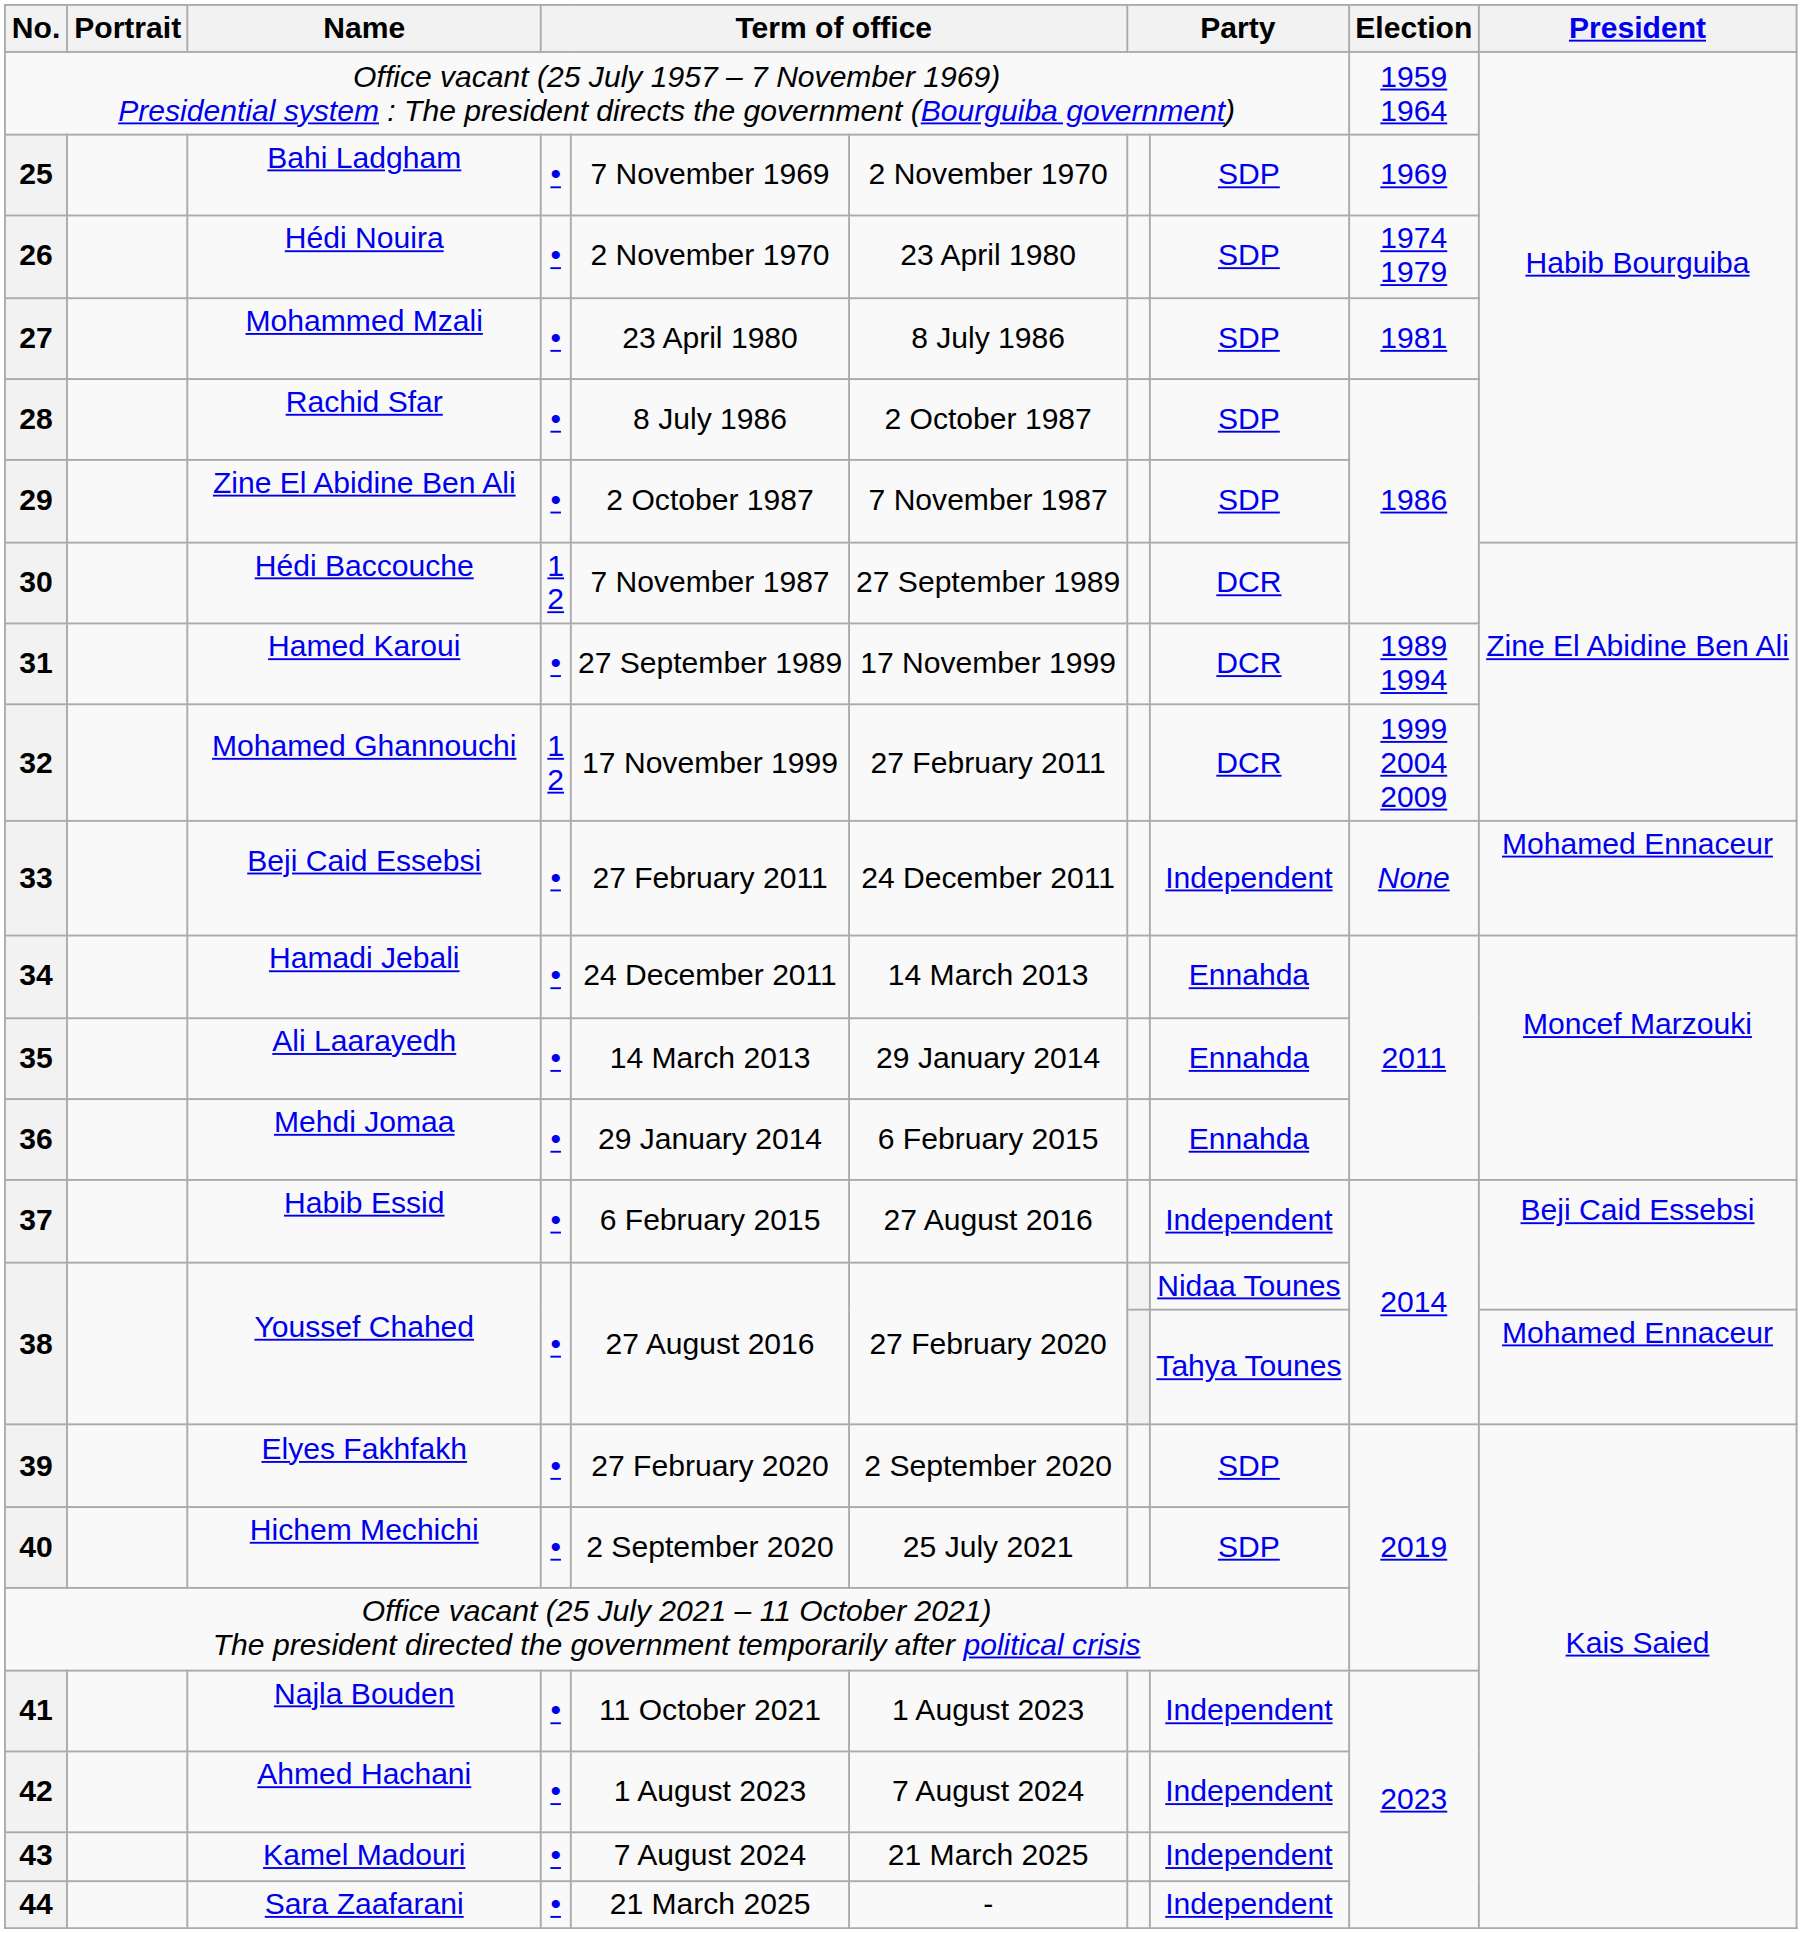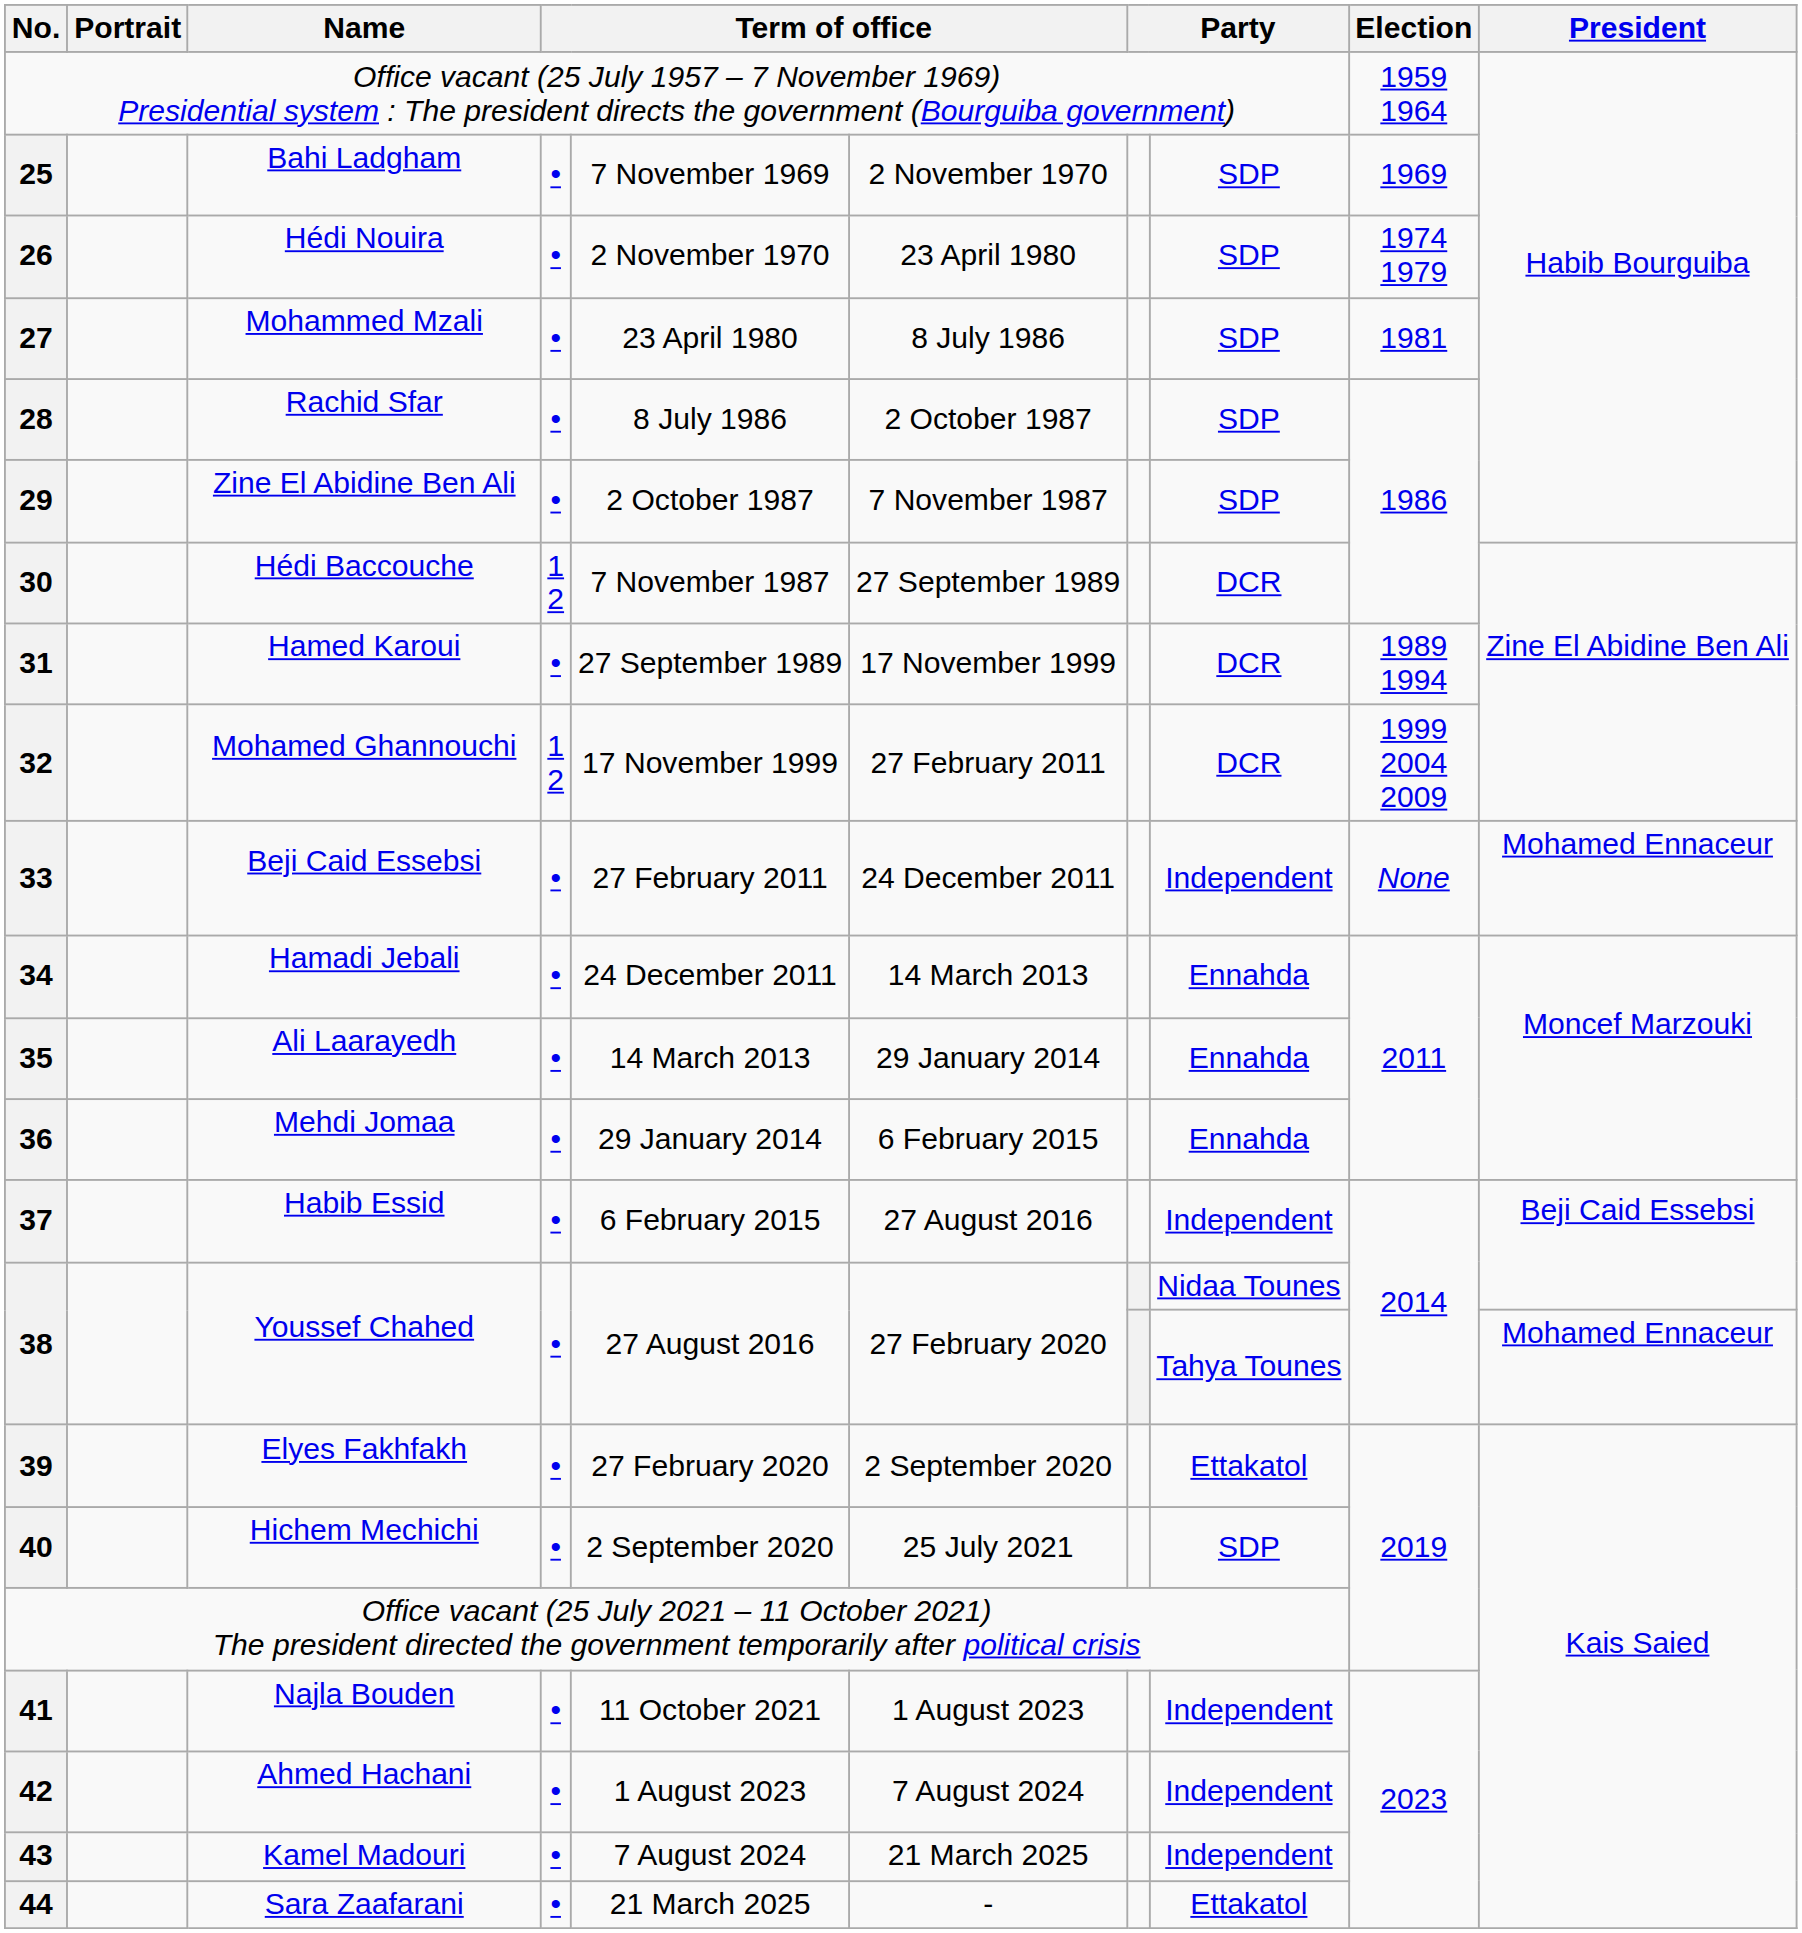 <table class="wikitable" style="text-align:center">
 <tr>
 <th>No.</th>
 <th>Portrait</th>
 <th width=180>Name<br></th>
 <th colspan=3>Term of office</th>
 <th colspan=2>Party</th>
 <th>Election</th>
 <th><a href='#'>President</a></th>
 </tr>
 <tr>
 <td colspan="8"><em>Office vacant (25 July 1957 – 7 November 1969)</em><br><em><a href='#'>Presidential system</a> : The president directs the government (<a href='#'>Bourguiba government</a>)</em></td>
 <td><a href='#'>1959</a> <br> <a href='#'>1964</a></td>
 <td rowspan="6"><a href='#'>Habib Bourguiba</a><br><br><br></td>
 </tr>
 <tr>
 <th>25</th>
 <td></td>
 <td><a href='#'>Bahi Ladgham</a><br><br></td>
 <td><a href='#'>•</a></td>
 <td>7 November 1969</td>
 <td>2 November 1970</td>
 <td style="background:"> </td>
 <td><a href='#'>SDP</a></td>
 <td><a href='#'>1969</a></td>
 </tr>
 <tr>
 <th>26</th>
 <td></td>
 <td><a href='#'>Hédi Nouira</a><br><br></td>
 <td><a href='#'>•</a></td>
 <td>2 November 1970</td>
 <td>23 April 1980</td>
 <td style="background:"> </td>
 <td><a href='#'>SDP</a></td>
 <td><a href='#'>1974</a> <br> <a href='#'>1979</a></td>
 </tr>
 <tr>
 <th>27</th>
 <td></td>
 <td><a href='#'>Mohammed Mzali</a><br><br></td>
 <td><a href='#'>•</a></td>
 <td>23 April 1980</td>
 <td>8 July 1986</td>
 <td style="background:"> </td>
 <td><a href='#'>SDP</a></td>
 <td><a href='#'>1981</a></td>
 </tr>
 <tr>
 <th>28</th>
 <td></td>
 <td><a href='#'>Rachid Sfar</a><br><br></td>
 <td><a href='#'>•</a></td>
 <td>8 July 1986</td>
 <td>2 October 1987</td>
 <td style="background:"> </td>
 <td><a href='#'>SDP</a></td>
 <td rowspan="3"><a href='#'>1986</a></td>
 </tr>
 <tr>
 <th>29</th>
 <td></td>
 <td><a href='#'>Zine El Abidine Ben Ali</a><br><br></td>
 <td><a href='#'>•</a></td>
 <td>2 October 1987</td>
 <td>7 November 1987</td>
 <td style="background:"> </td>
 <td><a href='#'>SDP</a></td>
 </tr>
 <tr>
 <th>30</th>
 <td></td>
 <td><a href='#'>Hédi Baccouche</a><br><br></td>
 <td><a href='#'>1</a> <br> <a href='#'>2</a></td>
 <td>7 November 1987</td>
 <td>27 September 1989</td>
 <td style="background:"> </td>
 <td><a href='#'>DCR</a></td>
 <td rowspan="3"><a href='#'>Zine El Abidine Ben Ali</a><br><br><br></td>
 </tr>
 <tr>
 <th>31</th>
 <td></td>
 <td><a href='#'>Hamed Karoui</a><br><br></td>
 <td><a href='#'>•</a></td>
 <td>27 September 1989</td>
 <td>17 November 1999</td>
 <td style="background:"> </td>
 <td><a href='#'>DCR</a></td>
 <td><a href='#'>1989</a> <br> <a href='#'>1994</a></td>
 </tr>
 <tr>
 <th>32</th>
 <td></td>
 <td><a href='#'>Mohamed Ghannouchi</a><br><br></td>
 <td><a href='#'>1</a> <br> <a href='#'>2</a></td>
 <td>17 November 1999</td>
 <td>27 February 2011</td>
 <td style="background:"> </td>
 <td><a href='#'>DCR</a></td>
 <td><a href='#'>1999</a> <br> <a href='#'>2004</a> <br> <a href='#'>2009</a></td>
 </tr>
 <tr>
 <th>33</th>
 <td></td>
 <td><a href='#'>Beji Caid Essebsi</a><br><br></td>
 <td><a href='#'>•</a></td>
 <td>27 February 2011</td>
 <td>24 December 2011</td>
 <td style="background:"> </td>
 <td><a href='#'>Independent</a></td>
 <td><em><a href='#'>None</a></em></td>
 <td><a href='#'>Mohamed Ennaceur</a><br><br><br></td>
 </tr>
 <tr>
 <th>34</th>
 <td></td>
 <td><a href='#'>Hamadi Jebali</a><br><br></td>
 <td><a href='#'>•</a></td>
 <td>24 December 2011</td>
 <td>14 March 2013</td>
 <td style="background:"> </td>
 <td><a href='#'>Ennahda</a></td>
 <td rowspan="3"><a href='#'>2011</a></td>
 <td rowspan="3"><a href='#'>Moncef Marzouki</a><br><br><br></td>
 </tr>
 <tr>
 <th>35</th>
 <td></td>
 <td><a href='#'>Ali Laarayedh</a><br><br></td>
 <td><a href='#'>•</a></td>
 <td>14 March 2013</td>
 <td>29 January 2014</td>
 <td style="background:"> </td>
 <td><a href='#'>Ennahda</a></td>
 </tr>
 <tr>
 <th>36</th>
 <td></td>
 <td><a href='#'>Mehdi Jomaa</a><br><br></td>
 <td><a href='#'>•</a></td>
 <td>29 January 2014</td>
 <td>6 February 2015</td>
 <td style="background:"> </td>
 <td><a href='#'>Ennahda</a></td>
 </tr>
 <tr>
 <th>37</th>
 <td></td>
 <td><a href='#'>Habib Essid</a><br><br></td>
 <td><a href='#'>•</a></td>
 <td>6 February 2015</td>
 <td>27 August 2016</td>
 <td style="background:"> </td>
 <td><a href='#'>Independent</a></td>
 <td rowspan="3"><a href='#'>2014</a></td>
 <td rowspan="2"><a href='#'>Beji Caid Essebsi</a><br><br><br></td>
 </tr>
 <tr>
 <th rowspan=2>38</th>
 <td rowspan=2></td>
 <td rowspan=2><a href='#'>Youssef Chahed</a><br><br></td>
 <td rowspan=2><a href='#'>•</a></td>
 <td rowspan=2>27 August 2016</td>
 <td rowspan=2>27 February 2020</td>
 <th style="background:"> </th>
 <td><a href='#'>Nidaa Tounes</a></td>
 </tr>
 <tr>
 <th style="background:"> </th>
 <td><a href='#'>Tahya Tounes</a></td>
 <td><a href='#'>Mohamed Ennaceur</a><br><br><br></td>
 </tr>
 <tr>
 <th>39</th>
 <td></td>
 <td><a href='#'>Elyes Fakhfakh</a><br><br></td>
 <td><a href='#'>•</a></td>
 <td>27 February 2020</td>
 <td>2 September 2020</td>
 <td style="background:"> </td>
-<td><a href='#'>SDP</a></td>
+<td><a href='#'>Ettakatol</a></td>
 <td rowspan="3"><a href='#'>2019</a></td>
 <td rowspan="7"><a href='#'>Kais Saied</a><br><br><br></td>
 </tr>
 <tr>
 <th>40</th>
 <td></td>
 <td><a href='#'>Hichem Mechichi</a><br><br></td>
 <td><a href='#'>•</a></td>
 <td>2 September 2020</td>
 <td>25 July 2021</td>
 <td style="background:"> </td>
 <td><a href='#'>SDP</a></td>
 </tr>
 <tr>
 <td colspan="8"><em>Office vacant (25 July 2021 – 11 October 2021)</em><br><em>The president directed the government temporarily after <a href='#'>political crisis</a></em></td>
 </tr>
 <tr>
 <th>41</th>
 <td></td>
 <td><a href='#'>Najla Bouden</a><br><br></td>
 <td><a href='#'>•</a></td>
 <td>11 October 2021</td>
 <td>1 August 2023</td>
 <td style="background:"> </td>
 <td><a href='#'>Independent</a></td>
 <td rowspan="4"><a href='#'>2023</a></td>
 </tr>
 <tr>
 <th>42</th>
 <td></td>
 <td><a href='#'>Ahmed Hachani</a><br><br></td>
 <td><a href='#'>•</a></td>
 <td>1 August 2023</td>
 <td>7 August 2024</td>
 <td style="background:"> </td>
 <td><a href='#'>Independent</a></td>
 </tr>
 <tr>
 <th>43</th>
 <td></td>
 <td><a href='#'>Kamel Madouri</a><br></td>
 <td><a href='#'>•</a></td>
 <td>7 August 2024</td>
 <td>21 March 2025</td>
 <td style="background:"> </td>
 <td><a href='#'>Independent</a></td>
 </tr>
 <tr>
 <th>44</th>
 <td></td>
 <td><a href='#'>Sara Zaafarani</a><br></td>
 <td><a href='#'>•</a></td>
 <td>21 March 2025</td>
 <td>-</td>
 <td style="background:"> </td>
-<td><a href='#'>Independent</a></td>
+<td><a href='#'>Ettakatol</a></td>
 </tr>
 </table>
